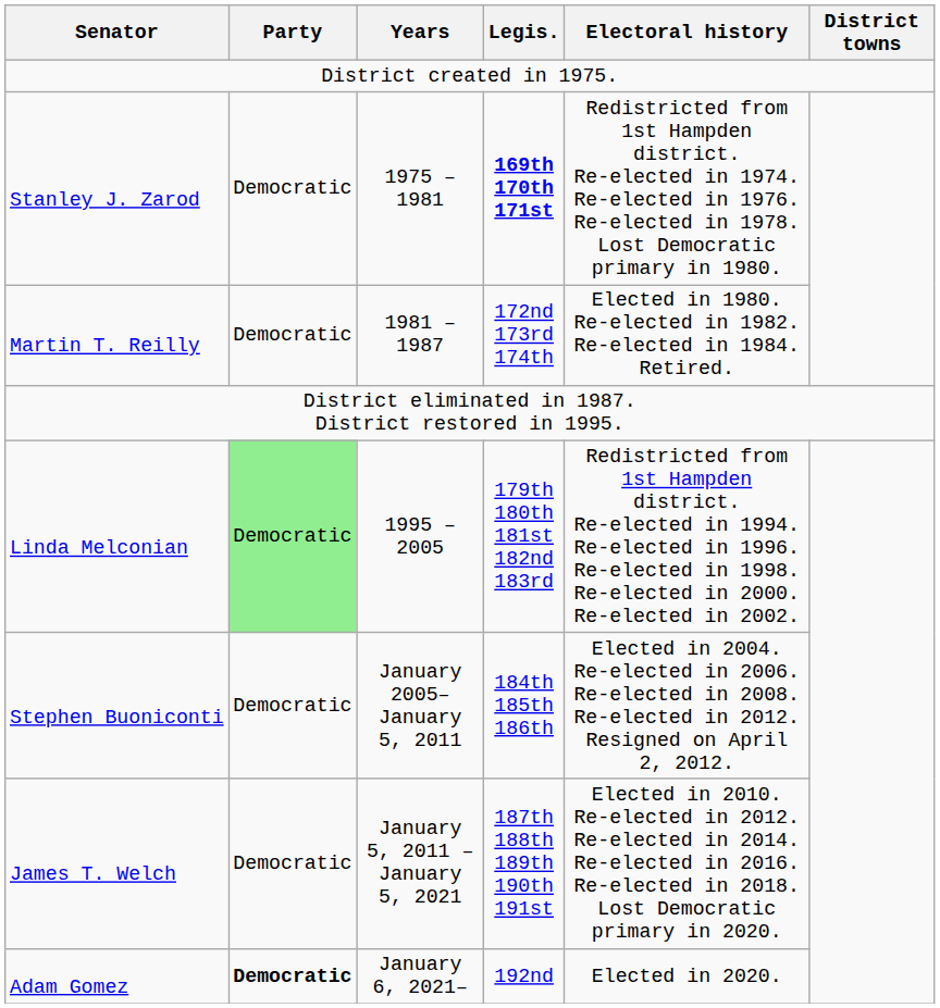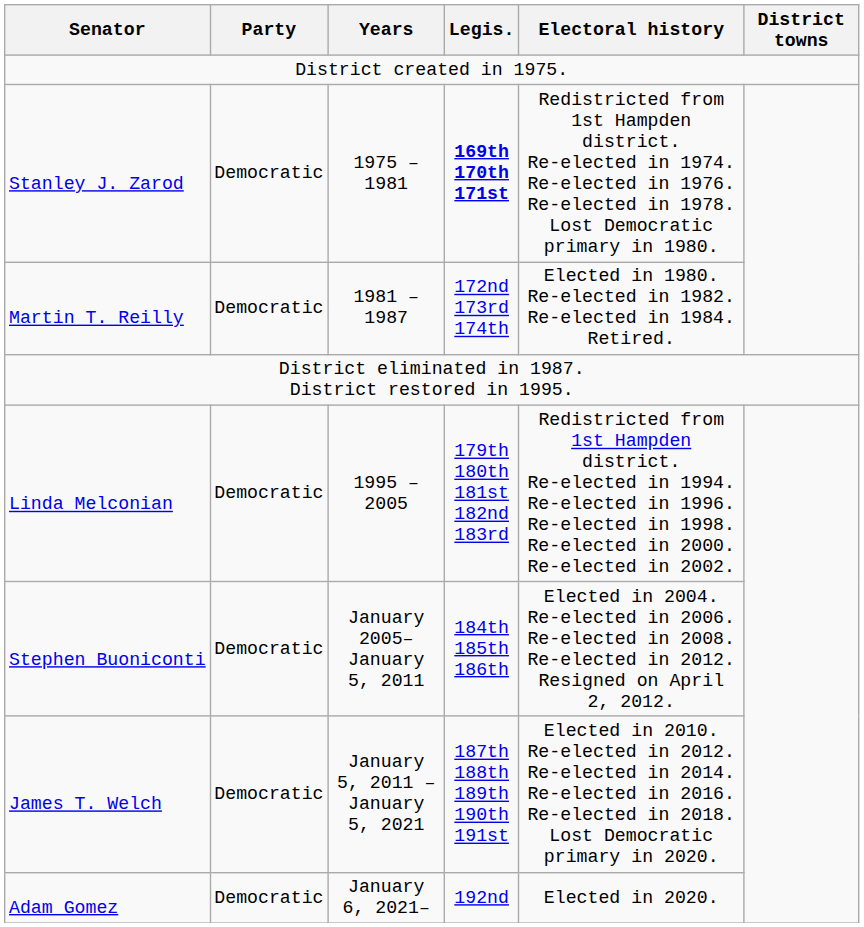 <table class=wikitable style="text-align:center">
 <tr>
 <th>Senator</th>
 <th>Party</th>
 <th>Years</th>
 <th>Legis.</th>
 <th>Electoral history</th>
 <th>District towns</th>
 </tr>
 <tr>
 <td colspan=6>District created in 1975.</td>
 </tr>
 <tr>
 <td align=left nowrap><br><a href='#'>Stanley J. Zarod</a></td>
 <td>Democratic</td>
 <td>1975 –<br>1981</td>
 <td><strong><a href='#'>169th</a><br><a href='#'>170th</a><br><a href='#'>171st</a></strong></td>
 <td>Redistricted from 1st Hampden district.<br>Re-elected in 1974.<br>Re-elected in 1976.<br>Re-elected in 1978.<br>Lost Democratic primary in 1980.</td>
 </tr>
 <tr>
 <td align=left nowrap><br><a href='#'>Martin T. Reilly</a></td>
 <td>Democratic</td>
 <td>1981 –<br>1987</td>
 <td><a href='#'>172nd</a><br><a href='#'>173rd</a><br><a href='#'>174th</a></td>
 <td>Elected in 1980.<br>Re-elected in 1982.<br>Re-elected in 1984.<br>Retired.</td>
 </tr>
 <tr>
 <td colspan=6>District eliminated in 1987.<br>District restored in 1995.</td>
 </tr>
 <tr>
 <td align=left nowrap><br><a href='#'>Linda Melconian</a></td>
-<td style="background: lightgreen;">Democratic</td>
+<td>Democratic</td>
 <td>1995 –<br>2005</td>
 <td><a href='#'>179th</a><br><a href='#'>180th</a><br><a href='#'>181st</a><br><a href='#'>182nd</a><br><a href='#'>183rd</a></td>
 <td>Redistricted from <a href='#'>1st Hampden</a> district.<br>Re-elected in 1994.<br>Re-elected in 1996.<br>Re-elected in 1998.<br>Re-elected in 2000.<br>Re-elected in 2002.</td>
 </tr>
 <tr>
 <td align=left nowrap><br><a href='#'>Stephen Buoniconti</a></td>
 <td>Democratic</td>
 <td>January 2005–<br>January 5, 2011</td>
 <td><a href='#'>184th</a><br><a href='#'>185th</a><br><a href='#'>186th</a></td>
 <td>Elected in 2004.<br>Re-elected in 2006.<br>Re-elected in 2008.<br>Re-elected in 2012.<br>Resigned on April 2, 2012.</td>
 </tr>
 <tr>
 <td align=left nowrap><br><a href='#'>James T. Welch</a></td>
 <td>Democratic</td>
 <td>January 5, 2011 –<br>January 5, 2021</td>
 <td><a href='#'>187th</a><br><a href='#'>188th</a><br><a href='#'>189th</a><br><a href='#'>190th</a><br><a href='#'>191st</a><br></td>
 <td>Elected in 2010.<br>Re-elected in 2012.<br>Re-elected in 2014.<br>Re-elected in 2016.<br>Re-elected in 2018.<br>Lost Democratic primary in 2020.</td>
 </tr>
 <tr>
 <td align=left nowrap><br><a href='#'>Adam Gomez</a></td>
-<td><strong>Democratic</strong></td>
+<td>Democratic</td>
 <td>January 6, 2021–<br></td>
 <td><a href='#'>192nd</a></td>
 <td>Elected in 2020.</td>
 </tr>
 </table>
